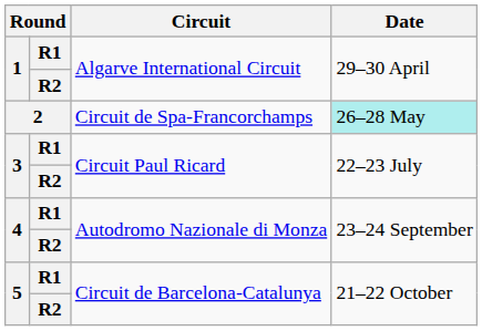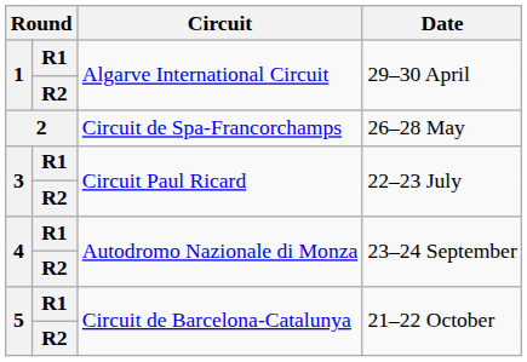 <table class="wikitable" style="font-size: 85%;">
 <tr>
 <th colspan="2">Round</th>
 <th>Circuit</th>
 <th>Date</th>
 </tr>
 <tr>
 <th rowspan="2">1</th>
 <th>R1</th>
 <td rowspan="2"> <a href='#'>Algarve International Circuit</a></td>
 <td rowspan="2">29–30 April</td>
 </tr>
 <tr>
 <th>R2</th>
 </tr>
 <tr>
 <th colspan="2">2</th>
 <td> <a href='#'>Circuit de Spa-Francorchamps</a></td>
-<td style="background: paleturquoise;">26–28 May</td>
+<td>26–28 May</td>
 </tr>
 <tr>
 <th rowspan="2">3</th>
 <th>R1</th>
 <td rowspan="2"> <a href='#'>Circuit Paul Ricard</a></td>
 <td rowspan="2">22–23 July</td>
 </tr>
 <tr>
 <th>R2</th>
 </tr>
 <tr>
 <th rowspan="2">4</th>
 <th>R1</th>
 <td rowspan="2"> <a href='#'>Autodromo Nazionale di Monza</a></td>
 <td rowspan="2">23–24 September</td>
 </tr>
 <tr>
 <th>R2</th>
 </tr>
 <tr>
 <th rowspan="2">5</th>
 <th>R1</th>
 <td rowspan="2"> <a href='#'>Circuit de Barcelona-Catalunya</a></td>
 <td rowspan="2">21–22 October</td>
 </tr>
 <tr>
 <th>R2</th>
 </tr>
 </table>
